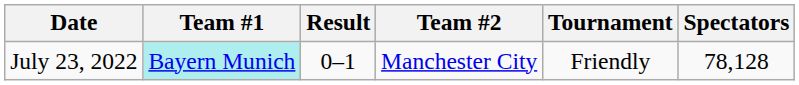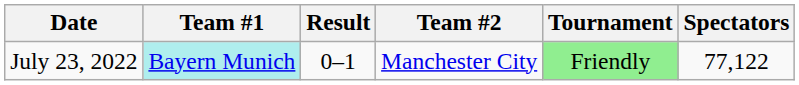 <table class="wikitable" style="text-align:center">
 <tr>
 <th style="text-align:center;">Date</th>
 <th style="text-align:center;">Team #1</th>
 <th style="text-align:center;">Result</th>
 <th style="text-align:center;">Team #2</th>
 <th style="text-align:center;">Tournament</th>
 <th style="text-align:center;">Spectators</th>
 </tr>
 <tr>
 <td>July 23, 2022</td>
 <td style="background: paleturquoise;"> <a href='#'>Bayern Munich</a></td>
 <td style="text-align:center;">0–1</td>
 <td> <a href='#'>Manchester City</a></td>
-<td>Friendly</td>
-<td>78,128</td>
+<td style="background: lightgreen;">Friendly</td>
+<td>77,122</td>
 </tr>
 </table>
